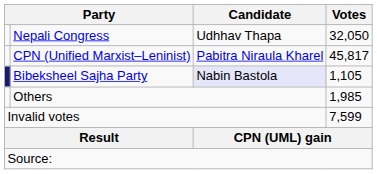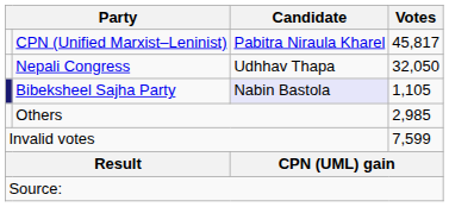 <table class="wikitable">
 <tr>
 <th colspan="2">Party</th>
 <th>Candidate</th>
 <th>Votes</th>
 </tr>
 <tr>
 <td style="background-color:"></td>
+<td><a href='#'>CPN (Unified Marxist–Leninist)</a></td>
+<td><a href='#'>Pabitra Niraula Kharel</a></td>
+<td>45,817</td>
+</tr>
+<tr>
+<td style="background-color:"></td>
 <td><a href='#'>Nepali Congress</a></td>
 <td>Udhhav Thapa</td>
 <td>32,050</td>
-</tr>
-<tr>
-<td style="background-color:"></td>
-<td><a href='#'>CPN (Unified Marxist–Leninist)</a></td>
-<td><a href='#'>Pabitra Niraula Kharel</a></td>
-<td>45,817</td>
 </tr>
 <tr>
 <td style="background-color:midnightblue"></td>
 <td><a href='#'>Bibeksheel Sajha Party</a></td>
 <td style="background: lavender;">Nabin Bastola</td>
 <td>1,105</td>
 </tr>
 <tr>
 <td></td>
 <td colspan="2">Others</td>
-<td>1,985</td>
+<td>2,985</td>
 </tr>
 <tr>
 <td colspan="3">Invalid votes</td>
 <td>7,599</td>
 </tr>
 <tr>
 <th colspan="2">Result</th>
 <th colspan="2">CPN (UML) gain</th>
 </tr>
 <tr>
 <td colspan="4">Source: </td>
 </tr>
 </table>
